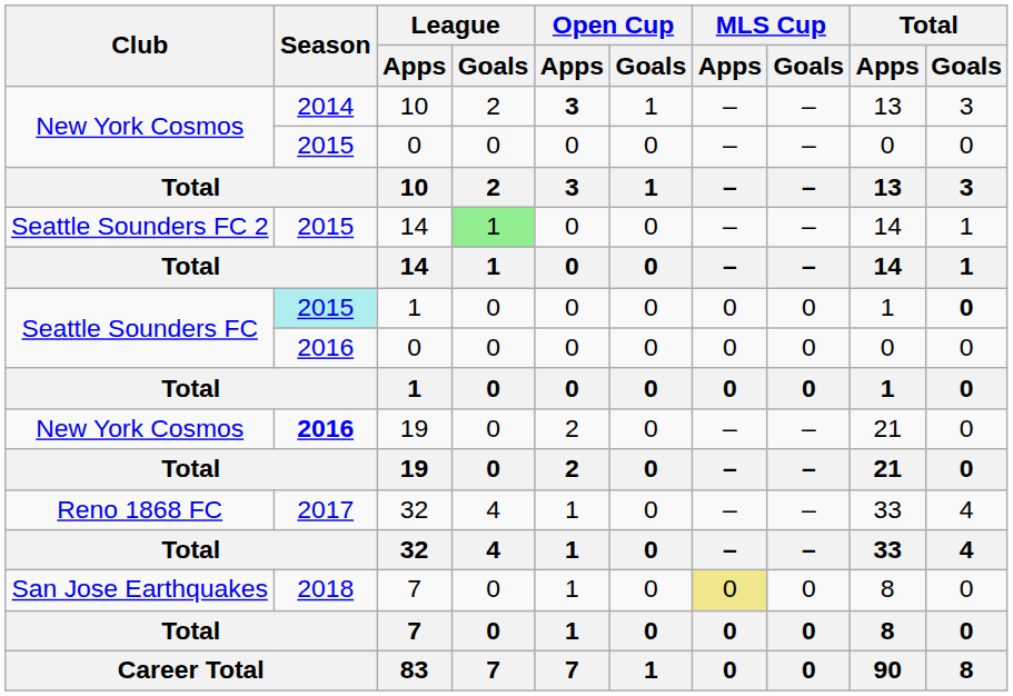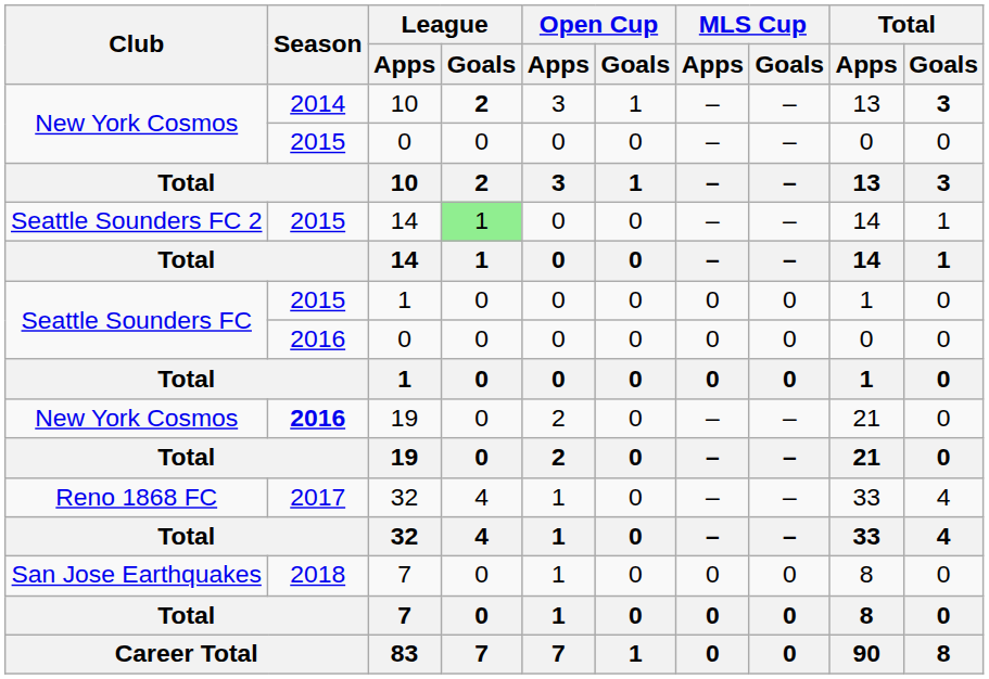 <table class="wikitable" style="text-align:center;">
 <tr>
 <th rowspan="2">Club</th>
 <th rowspan="2">Season</th>
 <th colspan="2">League</th>
 <th colspan="2"><a href='#'>Open Cup</a></th>
 <th colspan="2"><a href='#'>MLS Cup</a></th>
 <th colspan="2">Total</th>
 </tr>
 <tr>
 <th>Apps</th>
 <th>Goals</th>
 <th>Apps</th>
 <th>Goals</th>
 <th>Apps</th>
 <th>Goals</th>
 <th>Apps</th>
 <th>Goals</th>
 </tr>
 <tr>
 <td rowspan="2"><a href='#'>New York Cosmos</a></td>
 <td><a href='#'>2014</a></td>
 <td>10</td>
-<td>2</td>
-<td><strong>3</strong></td>
+<td><strong>2</strong></td>
+<td>3</td>
 <td>1</td>
 <td>–</td>
 <td>–</td>
 <td>13</td>
-<td>3</td>
+<td><strong>3</strong></td>
 </tr>
 <tr>
 <td><a href='#'>2015</a></td>
 <td>0</td>
 <td>0</td>
 <td>0</td>
 <td>0</td>
 <td>–</td>
 <td>–</td>
 <td>0</td>
 <td>0</td>
 </tr>
 <tr>
 <th colspan="2">Total</th>
 <th>10</th>
 <th>2</th>
 <th>3</th>
 <th>1</th>
 <th>–</th>
 <th>–</th>
 <th>13</th>
 <th>3</th>
 </tr>
 <tr>
 <td rowspan="1"><a href='#'>Seattle Sounders FC 2</a></td>
 <td><a href='#'>2015</a></td>
 <td>14</td>
 <td style="background: lightgreen;">1</td>
 <td>0</td>
 <td>0</td>
 <td>–</td>
 <td>–</td>
 <td>14</td>
 <td>1</td>
 </tr>
 <tr>
 <th colspan="2">Total</th>
 <th>14</th>
 <th>1</th>
 <th>0</th>
 <th>0</th>
 <th>–</th>
 <th>–</th>
 <th>14</th>
 <th>1</th>
 </tr>
 <tr>
 <td rowspan="2"><a href='#'>Seattle Sounders FC</a></td>
-<td style="background: paleturquoise;"><a href='#'>2015</a></td>
+<td><a href='#'>2015</a></td>
 <td>1</td>
 <td>0</td>
 <td>0</td>
 <td>0</td>
 <td>0</td>
 <td>0</td>
 <td>1</td>
-<td><strong>0</strong></td>
+<td>0</td>
 </tr>
 <tr>
 <td><a href='#'>2016</a></td>
 <td>0</td>
 <td>0</td>
 <td>0</td>
 <td>0</td>
 <td>0</td>
 <td>0</td>
 <td>0</td>
 <td>0</td>
 </tr>
 <tr>
 <th colspan="2">Total</th>
 <th>1</th>
 <th>0</th>
 <th>0</th>
 <th>0</th>
 <th>0</th>
 <th>0</th>
 <th>1</th>
 <th>0</th>
 </tr>
 <tr>
 <td rowspan="1"><a href='#'>New York Cosmos</a></td>
 <td><strong><a href='#'>2016</a></strong></td>
 <td>19</td>
 <td>0</td>
 <td>2</td>
 <td>0</td>
 <td>–</td>
 <td>–</td>
 <td>21</td>
 <td>0</td>
 </tr>
 <tr>
 <th colspan="2">Total</th>
 <th>19</th>
 <th>0</th>
 <th>2</th>
 <th>0</th>
 <th>–</th>
 <th>–</th>
 <th>21</th>
 <th>0</th>
 </tr>
 <tr>
 <td rowspan="1"><a href='#'>Reno 1868 FC</a></td>
 <td><a href='#'>2017</a></td>
 <td>32</td>
 <td>4</td>
 <td>1</td>
 <td>0</td>
 <td>–</td>
 <td>–</td>
 <td>33</td>
 <td>4</td>
 </tr>
 <tr>
 <th colspan="2">Total</th>
 <th>32</th>
 <th>4</th>
 <th>1</th>
 <th>0</th>
 <th>–</th>
 <th>–</th>
 <th>33</th>
 <th>4</th>
 </tr>
 <tr>
 <td rowspan="1"><a href='#'>San Jose Earthquakes</a></td>
 <td><a href='#'>2018</a></td>
 <td>7</td>
 <td>0</td>
 <td>1</td>
 <td>0</td>
-<td style="background: khaki;">0</td>
+<td>0</td>
 <td>0</td>
 <td>8</td>
 <td>0</td>
 </tr>
 <tr>
 <th colspan="2">Total</th>
 <th>7</th>
 <th>0</th>
 <th>1</th>
 <th>0</th>
 <th>0</th>
 <th>0</th>
 <th>8</th>
 <th>0</th>
 </tr>
 <tr>
 <th colspan="2">Career Total</th>
 <th>83</th>
 <th>7</th>
 <th>7</th>
 <th>1</th>
 <th>0</th>
 <th>0</th>
 <th>90</th>
 <th>8</th>
 </tr>
 </table>
